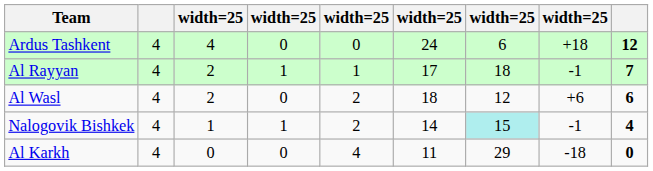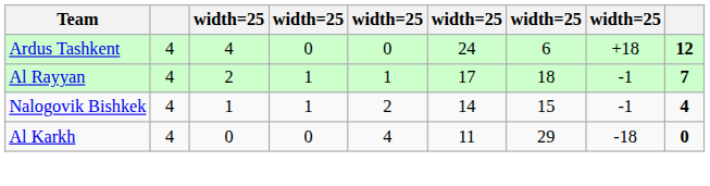 <table class="wikitable" style="text-align: center; font-size: 90%;">
 <tr>
 <th>Team</th>
 <th width=25></th>
 <th>width=25</th>
 <th>width=25</th>
 <th>width=25</th>
 <th>width=25</th>
 <th>width=25</th>
 <th>width=25</th>
 <th width=25></th>
 </tr>
 <tr style="text-align:center; background:#cfc;">
 <td style="text-align:left;"> <a href='#'>Ardus Tashkent</a></td>
 <td>4</td>
 <td>4</td>
 <td>0</td>
 <td>0</td>
 <td>24</td>
 <td>6</td>
 <td>+18</td>
 <td><strong>12</strong></td>
 </tr>
 <tr style="text-align:center; background:#cfc;">
 <td style="text-align:left;"> <a href='#'>Al Rayyan</a></td>
 <td>4</td>
 <td>2</td>
 <td>1</td>
 <td>1</td>
 <td>17</td>
 <td>18</td>
 <td>-1</td>
 <td><strong>7</strong></td>
 </tr>
 <tr>
-<td style="text-align:left;"> <a href='#'>Al Wasl</a></td>
-<td>4</td>
-<td>2</td>
-<td>0</td>
-<td>2</td>
-<td>18</td>
-<td>12</td>
-<td>+6</td>
-<td><strong>6</strong></td>
-</tr>
-<tr>
 <td style="text-align:left;"> <a href='#'>Nalogovik Bishkek</a></td>
 <td>4</td>
 <td>1</td>
 <td>1</td>
 <td>2</td>
 <td>14</td>
-<td style="background: paleturquoise;">15</td>
+<td>15</td>
 <td>-1</td>
 <td><strong>4</strong></td>
 </tr>
 <tr>
 <td style="text-align:left;"> <a href='#'>Al Karkh</a></td>
 <td>4</td>
 <td>0</td>
 <td>0</td>
 <td>4</td>
 <td>11</td>
 <td>29</td>
 <td>-18</td>
 <td><strong>0</strong></td>
 </tr>
 </table>
